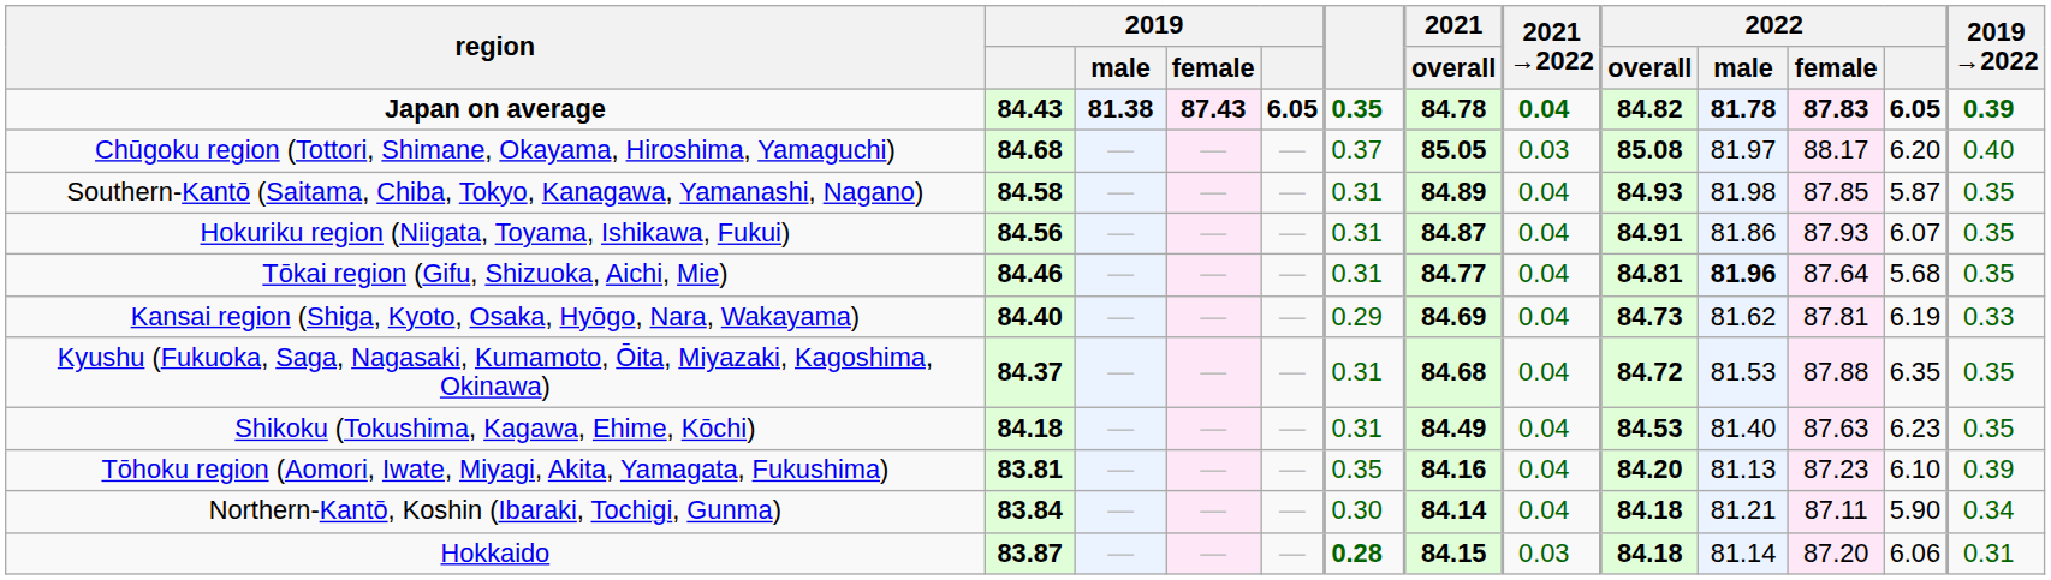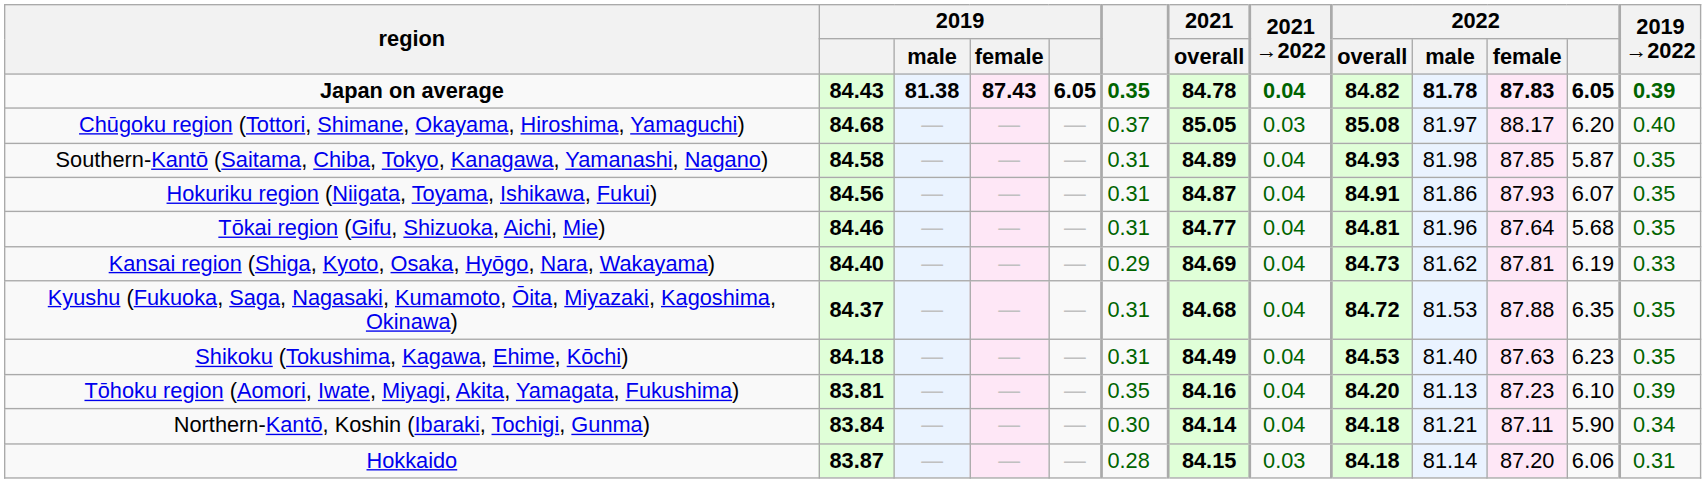 <table class="wikitable sortable mw-datatable static-row-numbers sort-under col1left col6right col8right col13right" style="text-align:center;">
 <tr>
 <th rowspan=2 style="vertical-align:middle;">region</th>
 <th colspan=4>2019</th>
 <th rowspan=2 style="vertical-align:middle;border-left-width:2px;"></th>
 <th style="border-left-width:2px;">2021</th>
 <th rowspan=2 style="vertical-align:middle;border-left-width:2px;">2021<br>→2022</th>
 <th colspan=4 style="border-left-width:2px;">2022</th>
 <th rowspan=2 style="vertical-align:middle;border-left-width:2px;">2019<br>→2022</th>
 </tr>
 <tr>
 <th style="vertical-align:middle;min-width:3em;"></th>
 <th style="vertical-align:middle;min-width:3em;">male</th>
 <th style="vertical-align:middle;min-width:3em;">female</th>
 <th></th>
 <th style="vertical-align:middle;min-width:3em;border-left-width:2px;">overall</th>
 <th style="vertical-align:middle;min-width:3em;border-left-width:2px;">overall</th>
 <th style="vertical-align:middle;min-width:3em;">male</th>
 <th style="vertical-align:middle;min-width:3em;">female</th>
 <th></th>
 </tr>
 <tr class=static-row-header>
 <td><strong>Japan on average</strong></td>
 <td style="background:#e0ffd8;"><strong>84.43</strong></td>
 <td style="background:#eaf3ff;"><strong>81.38</strong></td>
 <td style="background:#fee7f6;"><strong>87.43</strong></td>
 <td><strong>6.05</strong></td>
 <td style="padding-right:1.5ex;color:darkgreen;border-left-width:2px;"><strong>0.35</strong></td>
 <td style="background:#e0ffd8;border-left-width:2px;"><strong>84.78</strong></td>
 <td style="padding-right:1.5ex;color:darkgreen;border-left-width:2px;"><strong>0.04</strong></td>
 <td style="background:#e0ffd8;border-left-width:2px;"><strong>84.82</strong></td>
 <td style="background:#eaf3ff;"><strong>81.78</strong></td>
 <td style="background:#fee7f6;"><strong>87.83</strong></td>
 <td><strong>6.05</strong></td>
 <td style="padding-right:1.5ex;color:darkgreen;border-left-width:2px;"><strong>0.39</strong></td>
 </tr>
 <tr>
 <td><a href='#'>Chūgoku region</a> (<a href='#'>Tottori</a>, <a href='#'>Shimane</a>, <a href='#'>Okayama</a>, <a href='#'>Hiroshima</a>, <a href='#'>Yamaguchi</a>)</td>
 <td style="background:#e0ffd8;"><strong>84.68</strong></td>
 <td style="background:#eaf3ff;color:silver;">—</td>
 <td style="background:#fee7f6;color:silver;">—</td>
 <td style="color:silver;">—</td>
 <td style="padding-right:1.5ex;color:darkgreen;border-left-width:2px;">0.37</td>
 <td style="background:#e0ffd8;border-left-width:2px;"><strong>85.05</strong></td>
 <td style="padding-right:1.5ex;color:darkgreen;border-left-width:2px;">0.03</td>
 <td style="background:#e0ffd8;border-left-width:2px;"><strong>85.08</strong></td>
 <td style="background:#eaf3ff;">81.97</td>
 <td style="background:#fee7f6;">88.17</td>
 <td>6.20</td>
 <td style="padding-right:1.5ex;color:darkgreen;border-left-width:2px;">0.40</td>
 </tr>
 <tr>
 <td>Southern-<a href='#'>Kantō</a> (<a href='#'>Saitama</a>, <a href='#'>Chiba</a>, <a href='#'>Tokyo</a>, <a href='#'>Kanagawa</a>, <a href='#'>Yamanashi</a>, <a href='#'>Nagano</a>)</td>
 <td style="background:#e0ffd8;"><strong>84.58</strong></td>
 <td style="background:#eaf3ff;color:silver;">—</td>
 <td style="background:#fee7f6;color:silver;">—</td>
 <td style="color:silver;">—</td>
 <td style="padding-right:1.5ex;color:darkgreen;border-left-width:2px;">0.31</td>
 <td style="background:#e0ffd8;border-left-width:2px;"><strong>84.89</strong></td>
 <td style="padding-right:1.5ex;color:darkgreen;border-left-width:2px;">0.04</td>
 <td style="background:#e0ffd8;border-left-width:2px;"><strong>84.93</strong></td>
 <td style="background:#eaf3ff;">81.98</td>
 <td style="background:#fee7f6;">87.85</td>
 <td>5.87</td>
 <td style="padding-right:1.5ex;color:darkgreen;border-left-width:2px;">0.35</td>
 </tr>
 <tr>
 <td><a href='#'>Hokuriku region</a> (<a href='#'>Niigata</a>, <a href='#'>Toyama</a>, <a href='#'>Ishikawa</a>, <a href='#'>Fukui</a>)</td>
 <td style="background:#e0ffd8;"><strong>84.56</strong></td>
 <td style="background:#eaf3ff;color:silver;">—</td>
 <td style="background:#fee7f6;color:silver;">—</td>
 <td style="color:silver;">—</td>
 <td style="padding-right:1.5ex;color:darkgreen;border-left-width:2px;">0.31</td>
 <td style="background:#e0ffd8;border-left-width:2px;"><strong>84.87</strong></td>
 <td style="padding-right:1.5ex;color:darkgreen;border-left-width:2px;">0.04</td>
 <td style="background:#e0ffd8;border-left-width:2px;"><strong>84.91</strong></td>
 <td style="background:#eaf3ff;">81.86</td>
 <td style="background:#fee7f6;">87.93</td>
 <td>6.07</td>
 <td style="padding-right:1.5ex;color:darkgreen;border-left-width:2px;">0.35</td>
 </tr>
 <tr>
 <td><a href='#'>Tōkai region</a> (<a href='#'>Gifu</a>, <a href='#'>Shizuoka</a>, <a href='#'>Aichi</a>, <a href='#'>Mie</a>)</td>
 <td style="background:#e0ffd8;"><strong>84.46</strong></td>
 <td style="background:#eaf3ff;color:silver;">—</td>
 <td style="background:#fee7f6;color:silver;">—</td>
 <td style="color:silver;">—</td>
 <td style="padding-right:1.5ex;color:darkgreen;border-left-width:2px;">0.31</td>
 <td style="background:#e0ffd8;border-left-width:2px;"><strong>84.77</strong></td>
 <td style="padding-right:1.5ex;color:darkgreen;border-left-width:2px;">0.04</td>
 <td style="background:#e0ffd8;border-left-width:2px;"><strong>84.81</strong></td>
-<td style="background:#eaf3ff;"><strong>81.96</strong></td>
+<td style="background:#eaf3ff;">81.96</td>
 <td style="background:#fee7f6;">87.64</td>
 <td>5.68</td>
 <td style="padding-right:1.5ex;color:darkgreen;border-left-width:2px;">0.35</td>
 </tr>
 <tr>
 <td><a href='#'>Kansai region</a> (<a href='#'>Shiga</a>, <a href='#'>Kyoto</a>, <a href='#'>Osaka</a>, <a href='#'>Hyōgo</a>, <a href='#'>Nara</a>, <a href='#'>Wakayama</a>)</td>
 <td style="background:#e0ffd8;"><strong>84.40</strong></td>
 <td style="background:#eaf3ff;color:silver;">—</td>
 <td style="background:#fee7f6;color:silver;">—</td>
 <td style="color:silver;">—</td>
 <td style="padding-right:1.5ex;color:darkgreen;border-left-width:2px;">0.29</td>
 <td style="background:#e0ffd8;border-left-width:2px;"><strong>84.69</strong></td>
 <td style="padding-right:1.5ex;color:darkgreen;border-left-width:2px;">0.04</td>
 <td style="background:#e0ffd8;border-left-width:2px;"><strong>84.73</strong></td>
 <td style="background:#eaf3ff;">81.62</td>
 <td style="background:#fee7f6;">87.81</td>
 <td>6.19</td>
 <td style="padding-right:1.5ex;color:darkgreen;border-left-width:2px;">0.33</td>
 </tr>
 <tr>
 <td><a href='#'>Kyushu</a> (<a href='#'>Fukuoka</a>, <a href='#'>Saga</a>, <a href='#'>Nagasaki</a>, <a href='#'>Kumamoto</a>, <a href='#'>Ōita</a>, <a href='#'>Miyazaki</a>, <a href='#'>Kagoshima</a>, <a href='#'>Okinawa</a>)</td>
 <td style="background:#e0ffd8;"><strong>84.37</strong></td>
 <td style="background:#eaf3ff;color:silver;">—</td>
 <td style="background:#fee7f6;color:silver;">—</td>
 <td style="color:silver;">—</td>
 <td style="padding-right:1.5ex;color:darkgreen;border-left-width:2px;">0.31</td>
 <td style="background:#e0ffd8;border-left-width:2px;"><strong>84.68</strong></td>
 <td style="padding-right:1.5ex;color:darkgreen;border-left-width:2px;">0.04</td>
 <td style="background:#e0ffd8;border-left-width:2px;"><strong>84.72</strong></td>
 <td style="background:#eaf3ff;">81.53</td>
 <td style="background:#fee7f6;">87.88</td>
 <td>6.35</td>
 <td style="padding-right:1.5ex;color:darkgreen;border-left-width:2px;">0.35</td>
 </tr>
 <tr>
 <td><a href='#'>Shikoku</a> (<a href='#'>Tokushima</a>, <a href='#'>Kagawa</a>, <a href='#'>Ehime</a>, <a href='#'>Kōchi</a>)</td>
 <td style="background:#e0ffd8;"><strong>84.18</strong></td>
 <td style="background:#eaf3ff;color:silver;">—</td>
 <td style="background:#fee7f6;color:silver;">—</td>
 <td style="color:silver;">—</td>
 <td style="padding-right:1.5ex;color:darkgreen;border-left-width:2px;">0.31</td>
 <td style="background:#e0ffd8;border-left-width:2px;"><strong>84.49</strong></td>
 <td style="padding-right:1.5ex;color:darkgreen;border-left-width:2px;">0.04</td>
 <td style="background:#e0ffd8;border-left-width:2px;"><strong>84.53</strong></td>
 <td style="background:#eaf3ff;">81.40</td>
 <td style="background:#fee7f6;">87.63</td>
 <td>6.23</td>
 <td style="padding-right:1.5ex;color:darkgreen;border-left-width:2px;">0.35</td>
 </tr>
 <tr>
 <td><a href='#'>Tōhoku region</a> (<a href='#'>Aomori</a>, <a href='#'>Iwate</a>, <a href='#'>Miyagi</a>, <a href='#'>Akita</a>, <a href='#'>Yamagata</a>, <a href='#'>Fukushima</a>)</td>
 <td style="background:#e0ffd8;"><strong>83.81</strong></td>
 <td style="background:#eaf3ff;color:silver;">—</td>
 <td style="background:#fee7f6;color:silver;">—</td>
 <td style="color:silver;">—</td>
 <td style="padding-right:1.5ex;color:darkgreen;border-left-width:2px;">0.35</td>
 <td style="background:#e0ffd8;border-left-width:2px;"><strong>84.16</strong></td>
 <td style="padding-right:1.5ex;color:darkgreen;border-left-width:2px;">0.04</td>
 <td style="background:#e0ffd8;border-left-width:2px;"><strong>84.20</strong></td>
 <td style="background:#eaf3ff;">81.13</td>
 <td style="background:#fee7f6;">87.23</td>
 <td>6.10</td>
 <td style="padding-right:1.5ex;color:darkgreen;border-left-width:2px;">0.39</td>
 </tr>
 <tr>
 <td>Northern-<a href='#'>Kantō</a>, Koshin (<a href='#'>Ibaraki</a>, <a href='#'>Tochigi</a>, <a href='#'>Gunma</a>)</td>
 <td style="background:#e0ffd8;"><strong>83.84</strong></td>
 <td style="background:#eaf3ff;color:silver;">—</td>
 <td style="background:#fee7f6;color:silver;">—</td>
 <td style="color:silver;">—</td>
 <td style="padding-right:1.5ex;color:darkgreen;border-left-width:2px;">0.30</td>
 <td style="background:#e0ffd8;border-left-width:2px;"><strong>84.14</strong></td>
 <td style="padding-right:1.5ex;color:darkgreen;border-left-width:2px;">0.04</td>
 <td style="background:#e0ffd8;border-left-width:2px;"><strong>84.18</strong></td>
 <td style="background:#eaf3ff;">81.21</td>
 <td style="background:#fee7f6;">87.11</td>
 <td>5.90</td>
 <td style="padding-right:1.5ex;color:darkgreen;border-left-width:2px;">0.34</td>
 </tr>
 <tr>
 <td><a href='#'>Hokkaido</a></td>
 <td style="background:#e0ffd8;"><strong>83.87</strong></td>
 <td style="background:#eaf3ff;color:silver;">—</td>
 <td style="background:#fee7f6;color:silver;">—</td>
 <td style="color:silver;">—</td>
-<td style="padding-right:1.5ex;color:darkgreen;border-left-width:2px;"><strong>0.28</strong></td>
+<td style="padding-right:1.5ex;color:darkgreen;border-left-width:2px;">0.28</td>
 <td style="background:#e0ffd8;border-left-width:2px;"><strong>84.15</strong></td>
 <td style="padding-right:1.5ex;color:darkgreen;border-left-width:2px;">0.03</td>
 <td style="background:#e0ffd8;border-left-width:2px;"><strong>84.18</strong></td>
 <td style="background:#eaf3ff;">81.14</td>
 <td style="background:#fee7f6;">87.20</td>
 <td>6.06</td>
 <td style="padding-right:1.5ex;color:darkgreen;border-left-width:2px;">0.31</td>
 </tr>
 </table>
